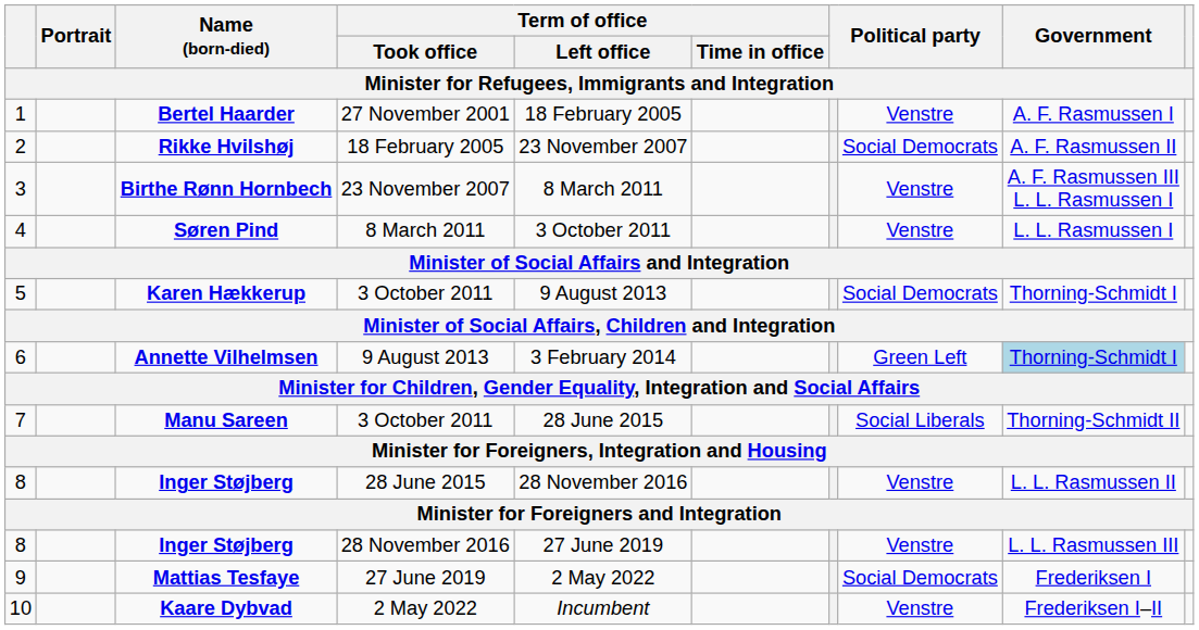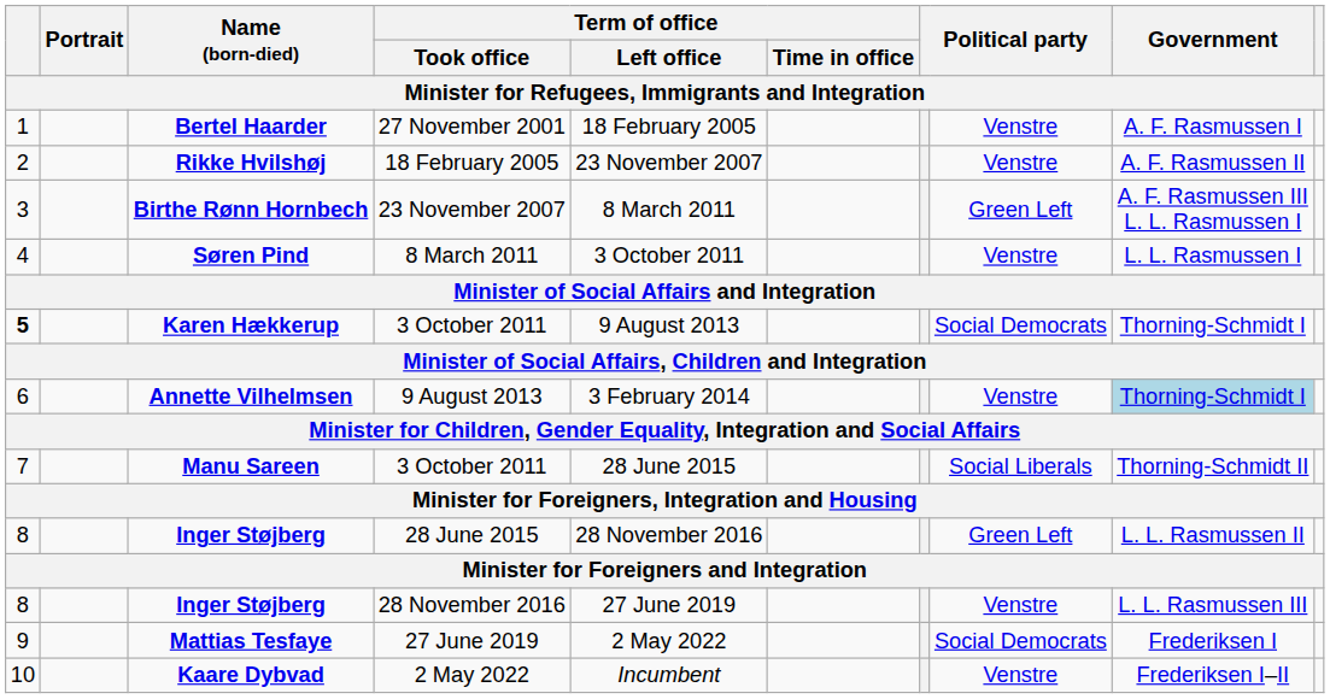 <table class="wikitable" style="text-align:center;">
 <tr>
 <th rowspan=2></th>
 <th rowspan=2>Portrait</th>
 <th rowspan=2>Name<br><small>(born-died)</small></th>
 <th colspan=3>Term of office</th>
 <th colspan=2 rowspan=2>Political party</th>
 <th rowspan=2>Government</th>
 <th rowspan=2></th>
 </tr>
 <tr>
 <th>Took office</th>
 <th>Left office</th>
 <th>Time in office</th>
 </tr>
 <tr>
 <th colspan=10>Minister for Refugees, Immigrants and Integration<br></th>
 </tr>
 <tr>
 <td>1</td>
 <td></td>
 <td><strong><a href='#'>Bertel Haarder</a></strong><br></td>
 <td>27 November 2001</td>
 <td>18 February 2005</td>
 <td></td>
 <th style="background:"></th>
 <td><a href='#'>Venstre</a></td>
 <td><a href='#'>A. F. Rasmussen I</a></td>
 <td></td>
 </tr>
 <tr>
 <td>2</td>
 <td></td>
 <td><strong><a href='#'>Rikke Hvilshøj</a></strong><br></td>
 <td>18 February 2005</td>
 <td>23 November 2007</td>
 <td></td>
 <th style="background:"></th>
-<td><a href='#'>Social Democrats</a></td>
+<td><a href='#'>Venstre</a></td>
 <td><a href='#'>A. F. Rasmussen II</a></td>
 <td></td>
 </tr>
 <tr>
 <td>3</td>
 <td></td>
 <td><strong><a href='#'>Birthe Rønn Hornbech</a></strong><br></td>
 <td>23 November 2007</td>
 <td>8 March 2011</td>
 <td></td>
 <th style="background:"></th>
-<td><a href='#'>Venstre</a></td>
+<td><a href='#'>Green Left</a></td>
 <td><a href='#'>A. F. Rasmussen III</a><br><a href='#'>L. L. Rasmussen I</a></td>
 <td></td>
 </tr>
 <tr>
 <td>4</td>
 <td></td>
 <td><strong><a href='#'>Søren Pind</a></strong><br></td>
 <td>8 March 2011</td>
 <td>3 October 2011</td>
 <td></td>
 <th style="background:"></th>
 <td><a href='#'>Venstre</a></td>
 <td><a href='#'>L. L. Rasmussen I</a></td>
 <td></td>
 </tr>
 <tr>
 <th colspan=10><a href='#'>Minister of Social Affairs</a> and Integration<br></th>
 </tr>
 <tr>
-<td>5</td>
+<td><strong>5</strong></td>
 <td></td>
 <td><strong><a href='#'>Karen Hækkerup</a></strong><br></td>
 <td>3 October 2011</td>
 <td>9 August 2013</td>
 <td></td>
 <th style="background:"></th>
 <td><a href='#'>Social Democrats</a></td>
 <td><a href='#'>Thorning-Schmidt I</a></td>
 <td></td>
 </tr>
 <tr>
 <th colspan=10><a href='#'>Minister of Social Affairs</a>, <a href='#'>Children</a> and Integration<br></th>
 </tr>
 <tr>
 <td>6</td>
 <td></td>
 <td><strong><a href='#'>Annette Vilhelmsen</a></strong><br></td>
 <td>9 August 2013</td>
 <td>3 February 2014</td>
 <td></td>
 <th style="background:"></th>
-<td><a href='#'>Green Left</a></td>
+<td><a href='#'>Venstre</a></td>
 <td style="background: lightblue;"><a href='#'>Thorning-Schmidt I</a></td>
 <td></td>
 </tr>
 <tr>
 <th colspan=10><a href='#'>Minister for Children</a>, <a href='#'>Gender Equality</a>, Integration and <a href='#'>Social Affairs</a><br></th>
 </tr>
 <tr>
 <td>7</td>
 <td></td>
 <td><strong><a href='#'>Manu Sareen</a></strong><br></td>
 <td>3 October 2011</td>
 <td>28 June 2015</td>
 <td></td>
 <th style="background:"></th>
 <td><a href='#'>Social Liberals</a></td>
 <td><a href='#'>Thorning-Schmidt II</a></td>
 <td></td>
 </tr>
 <tr>
 <th colspan=10>Minister for Foreigners, Integration and <a href='#'>Housing</a><br></th>
 </tr>
 <tr>
 <td>8</td>
 <td></td>
 <td><strong><a href='#'>Inger Støjberg</a></strong><br></td>
 <td>28 June 2015</td>
 <td>28 November 2016</td>
 <td></td>
 <th style="background:"></th>
-<td><a href='#'>Venstre</a></td>
+<td><a href='#'>Green Left</a></td>
 <td><a href='#'>L. L. Rasmussen II</a></td>
 <td></td>
 </tr>
 <tr>
 <th colspan=10>Minister for Foreigners and Integration<br></th>
 </tr>
 <tr>
 <td>8</td>
 <td></td>
 <td><strong><a href='#'>Inger Støjberg</a></strong><br></td>
 <td>28 November 2016</td>
 <td>27 June 2019</td>
 <td></td>
 <th style="background:"></th>
 <td><a href='#'>Venstre</a></td>
 <td><a href='#'>L. L. Rasmussen III</a></td>
 <td></td>
 </tr>
 <tr>
 <td>9</td>
 <td></td>
 <td><strong><a href='#'>Mattias Tesfaye</a></strong><br></td>
 <td>27 June 2019</td>
 <td>2 May 2022</td>
 <td></td>
 <th style="background:"></th>
 <td><a href='#'>Social Democrats</a></td>
 <td><a href='#'>Frederiksen I</a></td>
 <td></td>
 </tr>
 <tr>
 <td>10</td>
 <td></td>
 <td><strong><a href='#'>Kaare Dybvad</a></strong><br></td>
 <td>2 May 2022</td>
 <td><em>Incumbent</em></td>
 <td></td>
 <th style="background:"></th>
 <td><a href='#'>Venstre</a></td>
 <td><a href='#'>Frederiksen I</a>–<a href='#'>II</a></td>
 <td></td>
 </tr>
 </table>
